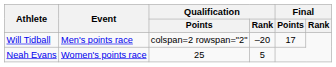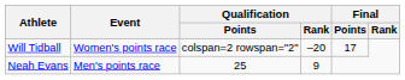 <table class="wikitable" style="font-size:90%;">
 <tr>
 <th rowspan=2>Athlete</th>
 <th rowspan=2>Event</th>
 <th colspan=2>Qualification</th>
 <th colspan=2>Final</th>
 </tr>
 <tr style="font-size:95%">
 <th>Points</th>
 <th>Rank</th>
 <th>Points</th>
 <th>Rank</th>
 </tr>
 <tr align=center>
 <td align=left><a href='#'>Will Tidball</a></td>
-<td align=left><a href='#'>Men's points race</a></td>
+<td align=left><a href='#'>Women's points race</a></td>
 <td>colspan=2 rowspan="2" </td>
 <td>–20</td>
 <td>17</td>
 </tr>
 <tr align=center>
 <td align=left><a href='#'>Neah Evans</a></td>
-<td align=left><a href='#'>Women's points race</a></td>
+<td align=left><a href='#'>Men's points race</a></td>
 <td>25</td>
-<td>5</td>
+<td>9</td>
 </tr>
 </table>
